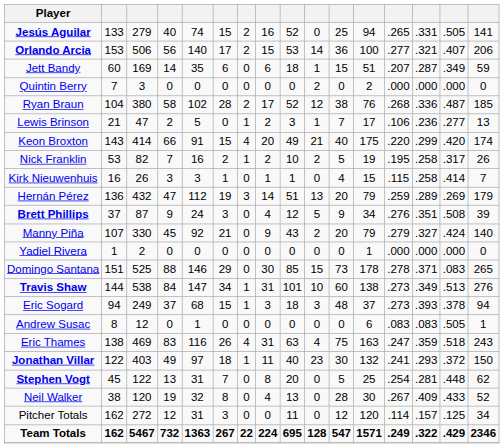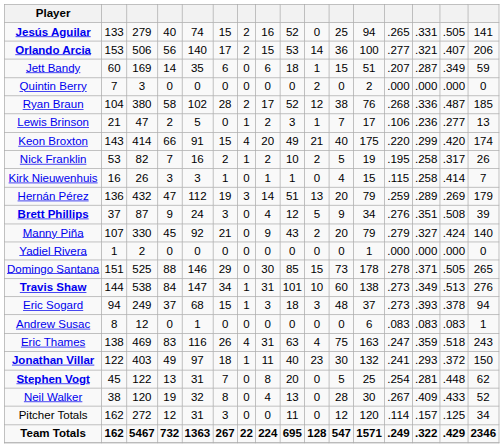 <table class="wikitable sortable" style="text-align:center;">
 <tr>
 <th>Player</th>
 <th></th>
 <th></th>
 <th></th>
 <th></th>
 <th></th>
 <th></th>
 <th></th>
 <th></th>
 <th></th>
 <th></th>
 <th></th>
 <th></th>
 <th></th>
 <th></th>
 <th></th>
 </tr>
 <tr>
 <td><strong><a href='#'>Jesús Aguilar</a></strong></td>
 <td>133</td>
 <td>279</td>
 <td>40</td>
 <td>74</td>
 <td>15</td>
 <td>2</td>
 <td>16</td>
 <td>52</td>
 <td>0</td>
 <td>25</td>
 <td>94</td>
 <td>.265</td>
 <td>.331</td>
 <td>.505</td>
 <td>141</td>
 </tr>
 <tr>
 <td><strong><a href='#'>Orlando Arcia</a></strong></td>
 <td>153</td>
 <td>506</td>
 <td>56</td>
 <td>140</td>
 <td>17</td>
 <td>2</td>
 <td>15</td>
 <td>53</td>
 <td>14</td>
 <td>36</td>
 <td>100</td>
 <td>.277</td>
 <td>.321</td>
 <td>.407</td>
 <td>206</td>
 </tr>
 <tr>
 <td><a href='#'>Jett Bandy</a></td>
 <td>60</td>
 <td>169</td>
 <td>14</td>
 <td>35</td>
 <td>6</td>
 <td>0</td>
 <td>6</td>
 <td>18</td>
 <td>1</td>
 <td>15</td>
 <td>51</td>
 <td>.207</td>
 <td>.287</td>
 <td>.349</td>
 <td>59</td>
 </tr>
 <tr>
 <td><a href='#'>Quintin Berry</a></td>
 <td>7</td>
 <td>3</td>
 <td>0</td>
 <td>0</td>
 <td>0</td>
 <td>0</td>
 <td>0</td>
 <td>0</td>
 <td>2</td>
 <td>0</td>
 <td>2</td>
 <td>.000</td>
 <td>.000</td>
 <td>.000</td>
 <td>0</td>
 </tr>
 <tr>
 <td><a href='#'>Ryan Braun</a></td>
 <td>104</td>
 <td>380</td>
 <td>58</td>
 <td>102</td>
 <td>28</td>
 <td>2</td>
 <td>17</td>
 <td>52</td>
 <td>12</td>
 <td>38</td>
 <td>76</td>
 <td>.268</td>
 <td>.336</td>
 <td>.487</td>
 <td>185</td>
 </tr>
 <tr>
 <td><a href='#'>Lewis Brinson</a></td>
 <td>21</td>
 <td>47</td>
 <td>2</td>
 <td>5</td>
 <td>0</td>
 <td>1</td>
 <td>2</td>
 <td>3</td>
 <td>1</td>
 <td>7</td>
 <td>17</td>
 <td>.106</td>
 <td>.236</td>
 <td>.277</td>
 <td>13</td>
 </tr>
 <tr>
 <td><a href='#'>Keon Broxton</a></td>
 <td>143</td>
 <td>414</td>
 <td>66</td>
 <td>91</td>
 <td>15</td>
 <td>4</td>
 <td>20</td>
 <td>49</td>
 <td>21</td>
 <td>40</td>
 <td>175</td>
 <td>.220</td>
 <td>.299</td>
 <td>.420</td>
 <td>174</td>
 </tr>
 <tr>
 <td><a href='#'>Nick Franklin</a></td>
 <td>53</td>
 <td>82</td>
 <td>7</td>
 <td>16</td>
 <td>2</td>
 <td>1</td>
 <td>2</td>
 <td>10</td>
 <td>2</td>
 <td>5</td>
 <td>19</td>
 <td>.195</td>
 <td>.258</td>
 <td>.317</td>
 <td>26</td>
 </tr>
 <tr>
 <td><a href='#'>Kirk Nieuwenhuis</a></td>
 <td>16</td>
 <td>26</td>
 <td>3</td>
 <td>3</td>
 <td>1</td>
 <td>0</td>
 <td>1</td>
 <td>1</td>
 <td>0</td>
 <td>4</td>
 <td>15</td>
 <td>.115</td>
 <td>.258</td>
 <td>.414</td>
 <td>7</td>
 </tr>
 <tr>
 <td><a href='#'>Hernán Pérez</a></td>
 <td>136</td>
 <td>432</td>
 <td>47</td>
 <td>112</td>
 <td>19</td>
 <td>3</td>
 <td>14</td>
 <td>51</td>
 <td>13</td>
 <td>20</td>
 <td>79</td>
 <td>.259</td>
 <td>.289</td>
 <td>.269</td>
 <td>179</td>
 </tr>
 <tr>
 <td><strong><a href='#'>Brett Phillips</a></strong></td>
 <td>37</td>
 <td>87</td>
 <td>9</td>
 <td>24</td>
 <td>3</td>
 <td>0</td>
 <td>4</td>
 <td>12</td>
 <td>5</td>
 <td>9</td>
 <td>34</td>
 <td>.276</td>
 <td>.351</td>
 <td>.508</td>
 <td>39</td>
 </tr>
 <tr>
 <td><a href='#'>Manny Piña</a></td>
 <td>107</td>
 <td>330</td>
 <td>45</td>
 <td>92</td>
 <td>21</td>
 <td>0</td>
 <td>9</td>
 <td>43</td>
 <td>2</td>
 <td>20</td>
 <td>79</td>
 <td>.279</td>
 <td>.327</td>
 <td>.424</td>
 <td>140</td>
 </tr>
 <tr>
 <td><a href='#'>Yadiel Rivera</a></td>
 <td>1</td>
 <td>2</td>
 <td>0</td>
 <td>0</td>
 <td>0</td>
 <td>0</td>
 <td>0</td>
 <td>0</td>
 <td>0</td>
 <td>0</td>
 <td>1</td>
 <td>.000</td>
 <td>.000</td>
 <td>.000</td>
 <td>0</td>
 </tr>
 <tr>
 <td><a href='#'>Domingo Santana</a></td>
 <td>151</td>
 <td>525</td>
 <td>88</td>
 <td>146</td>
 <td>29</td>
 <td>0</td>
 <td>30</td>
 <td>85</td>
 <td>15</td>
 <td>73</td>
 <td>178</td>
 <td>.278</td>
 <td>.371</td>
-<td>.083</td>
+<td>.505</td>
 <td>265</td>
 </tr>
 <tr>
 <td><strong><a href='#'>Travis Shaw</a></strong></td>
 <td>144</td>
 <td>538</td>
 <td>84</td>
 <td>147</td>
 <td>34</td>
 <td>1</td>
 <td>31</td>
 <td>101</td>
 <td>10</td>
 <td>60</td>
 <td>138</td>
 <td>.273</td>
 <td>.349</td>
 <td>.513</td>
 <td>276</td>
 </tr>
 <tr>
 <td><a href='#'>Eric Sogard</a></td>
 <td>94</td>
 <td>249</td>
 <td>37</td>
 <td>68</td>
 <td>15</td>
 <td>1</td>
 <td>3</td>
 <td>18</td>
 <td>3</td>
 <td>48</td>
 <td>37</td>
 <td>.273</td>
 <td>.393</td>
 <td>.378</td>
 <td>94</td>
 </tr>
 <tr>
 <td><a href='#'>Andrew Susac</a></td>
 <td>8</td>
 <td>12</td>
 <td>0</td>
 <td>1</td>
 <td>0</td>
 <td>0</td>
 <td>0</td>
 <td>0</td>
 <td>0</td>
 <td>0</td>
 <td>6</td>
 <td>.083</td>
 <td>.083</td>
-<td>.505</td>
+<td>.083</td>
 <td>1</td>
 </tr>
 <tr>
 <td><a href='#'>Eric Thames</a></td>
 <td>138</td>
 <td>469</td>
 <td>83</td>
 <td>116</td>
 <td>26</td>
 <td>4</td>
 <td>31</td>
 <td>63</td>
 <td>4</td>
 <td>75</td>
 <td>163</td>
 <td>.247</td>
 <td>.359</td>
 <td>.518</td>
 <td>243</td>
 </tr>
 <tr>
 <td><strong><a href='#'>Jonathan Villar</a></strong></td>
 <td>122</td>
 <td>403</td>
 <td>49</td>
 <td>97</td>
 <td>18</td>
 <td>1</td>
 <td>11</td>
 <td>40</td>
 <td>23</td>
 <td>30</td>
 <td>132</td>
 <td>.241</td>
 <td>.293</td>
 <td>.372</td>
 <td>150</td>
 </tr>
 <tr>
 <td><strong><a href='#'>Stephen Vogt</a></strong></td>
 <td>45</td>
 <td>122</td>
 <td>13</td>
 <td>31</td>
 <td>7</td>
 <td>0</td>
 <td>8</td>
 <td>20</td>
 <td>0</td>
 <td>5</td>
 <td>25</td>
 <td>.254</td>
 <td>.281</td>
 <td>.448</td>
 <td>62</td>
 </tr>
 <tr>
 <td><a href='#'>Neil Walker</a></td>
 <td>38</td>
 <td>120</td>
 <td>19</td>
 <td>32</td>
 <td>8</td>
 <td>0</td>
 <td>4</td>
 <td>13</td>
 <td>0</td>
 <td>28</td>
 <td>30</td>
 <td>.267</td>
 <td>.409</td>
 <td>.433</td>
 <td>52</td>
 </tr>
 <tr>
 <td>Pitcher Totals</td>
 <td>162</td>
 <td>272</td>
 <td>12</td>
 <td>31</td>
 <td>3</td>
 <td>0</td>
 <td>0</td>
 <td>11</td>
 <td>0</td>
 <td>12</td>
 <td>120</td>
 <td>.114</td>
 <td>.157</td>
 <td>.125</td>
 <td>34</td>
 </tr>
 <tr>
 <td><strong>Team Totals</strong></td>
 <td><strong>162</strong></td>
 <td><strong>5467</strong></td>
 <td><strong>732</strong></td>
 <td><strong>1363</strong></td>
 <td><strong>267</strong></td>
 <td><strong>22</strong></td>
 <td><strong>224</strong></td>
 <td><strong>695</strong></td>
 <td><strong>128</strong></td>
 <td><strong>547</strong></td>
 <td><strong>1571</strong></td>
 <td><strong>.249</strong></td>
 <td><strong>.322</strong></td>
 <td><strong>.429</strong></td>
 <td><strong>2346</strong></td>
 </tr>
 <tr class="sortbottom|}">
 </tr>
 </table>
